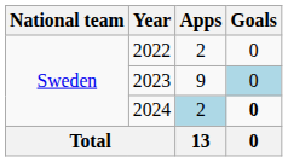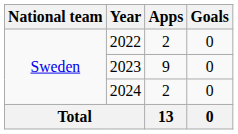 <table class="wikitable" style="text-align:center">
 <tr>
 <th>National team</th>
 <th>Year</th>
 <th>Apps</th>
 <th>Goals</th>
 </tr>
 <tr>
 <td rowspan="3"><a href='#'>Sweden</a></td>
 <td>2022</td>
 <td>2</td>
 <td>0</td>
 </tr>
 <tr>
 <td>2023</td>
 <td>9</td>
-<td style="background: lightblue;">0</td>
+<td>0</td>
 </tr>
 <tr>
 <td>2024</td>
-<td style="background: lightblue;">2</td>
-<td><strong>0</strong></td>
+<td>2</td>
+<td>0</td>
 </tr>
 <tr>
 <th colspan="2">Total</th>
 <th>13</th>
 <th>0</th>
 </tr>
 </table>
